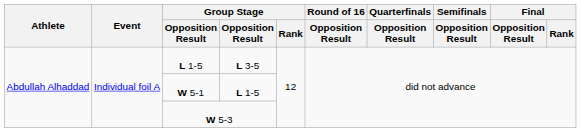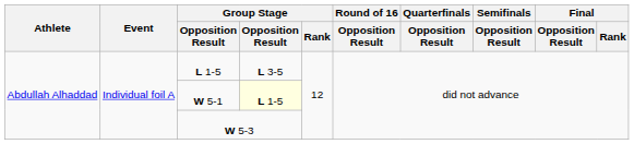 <table class=wikitable>
 <tr>
 <th rowspan="2">Athlete</th>
 <th rowspan="2">Event</th>
 <th colspan="3">Group Stage</th>
 <th>Round of 16</th>
 <th>Quarterfinals</th>
 <th>Semifinals</th>
 <th colspan="2">Final</th>
 </tr>
 <tr>
 <th>Opposition<br>Result</th>
 <th>Opposition<br>Result</th>
 <th>Rank</th>
 <th>Opposition<br>Result</th>
 <th>Opposition<br>Result</th>
 <th>Opposition<br>Result</th>
 <th>Opposition<br>Result</th>
 <th>Rank</th>
 </tr>
 <tr align=center>
 <td align=left rowspan=3><a href='#'>Abdullah Alhaddad</a></td>
 <td align=left rowspan=3><a href='#'>Individual foil A</a></td>
 <td> <br> <strong>L</strong> 1-5</td>
 <td> <br> <strong>L</strong> 3-5</td>
 <td rowspan=3>12</td>
 <td colspan=5 rowspan=3>did not advance</td>
 </tr>
 <tr align=center>
 <td> <br> <strong>W</strong> 5-1</td>
-<td> <br> <strong>L</strong> 1-5</td>
+<td style="background: lightyellow;"> <br> <strong>L</strong> 1-5</td>
 </tr>
 <tr align=center>
 <td colspan=2> <br> <strong>W</strong> 5-3</td>
 </tr>
 </table>
